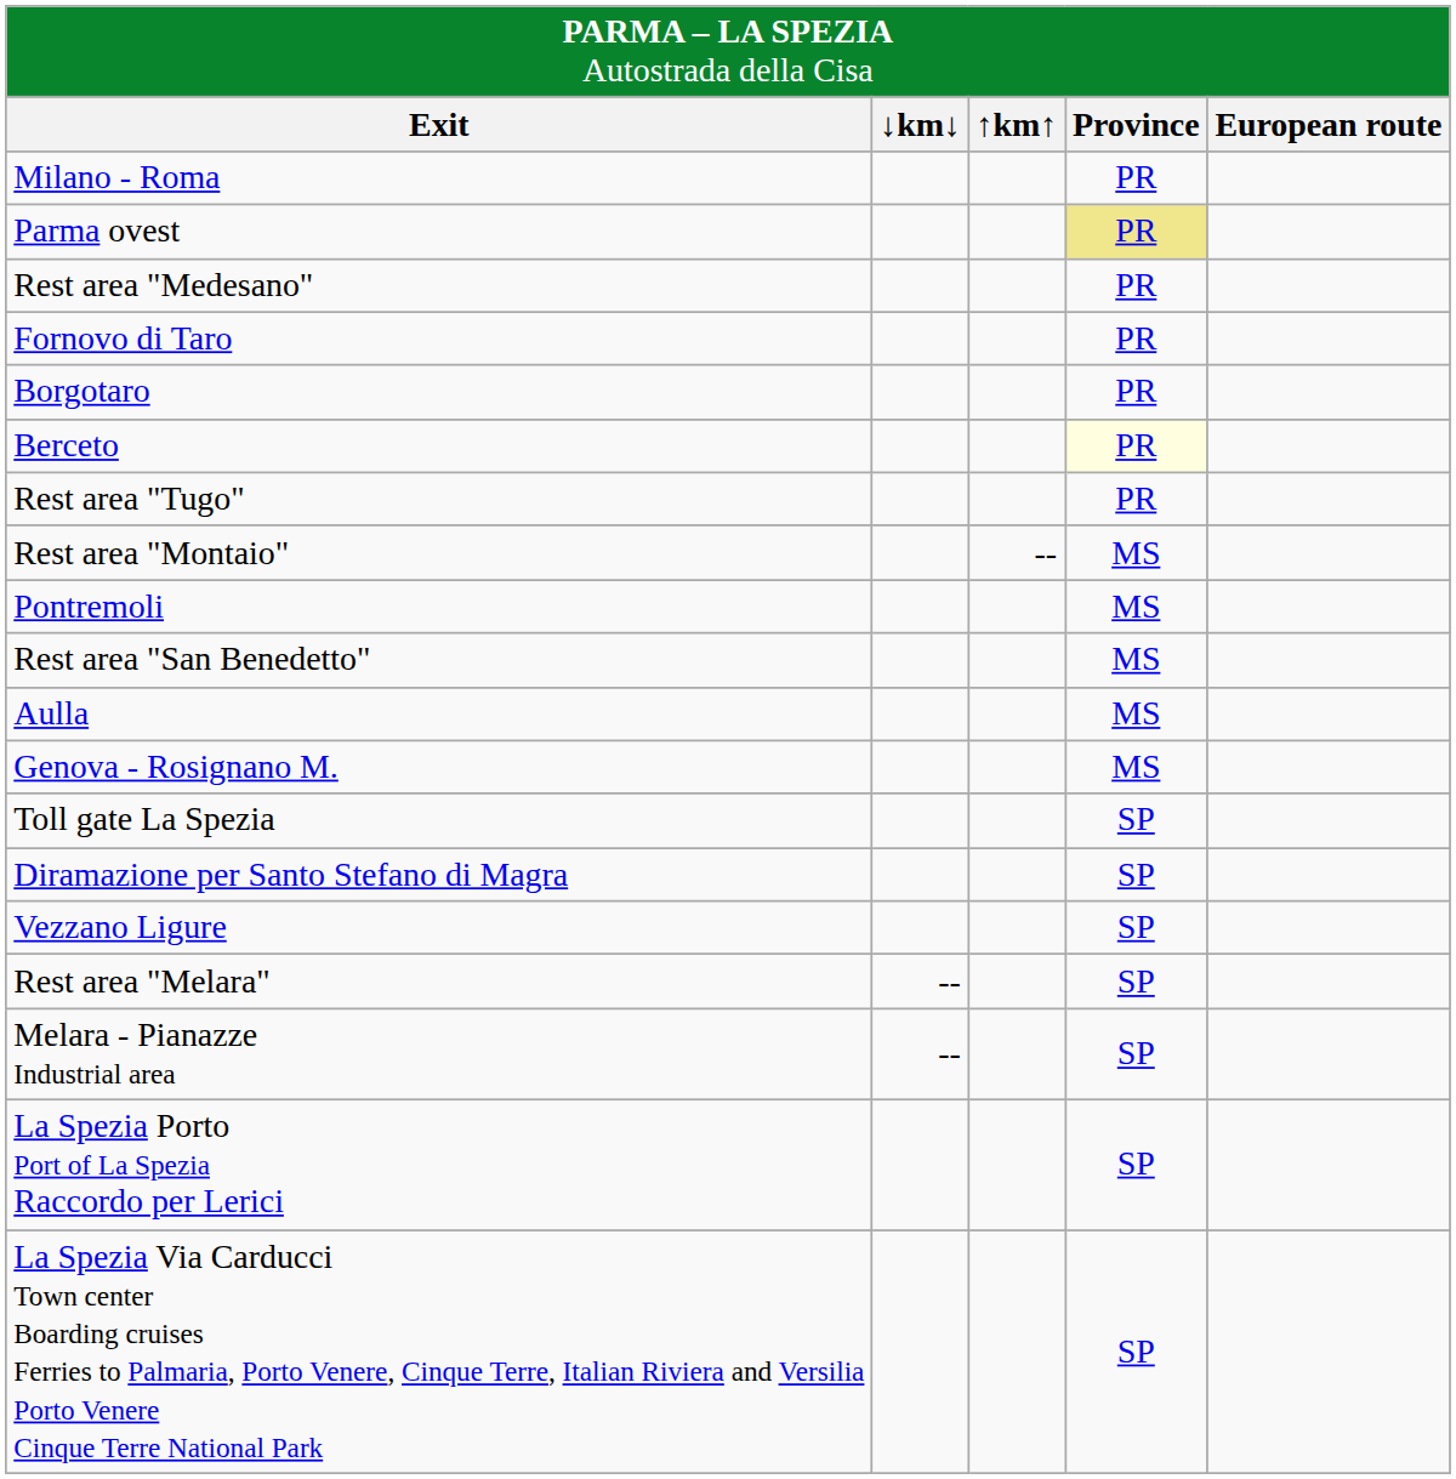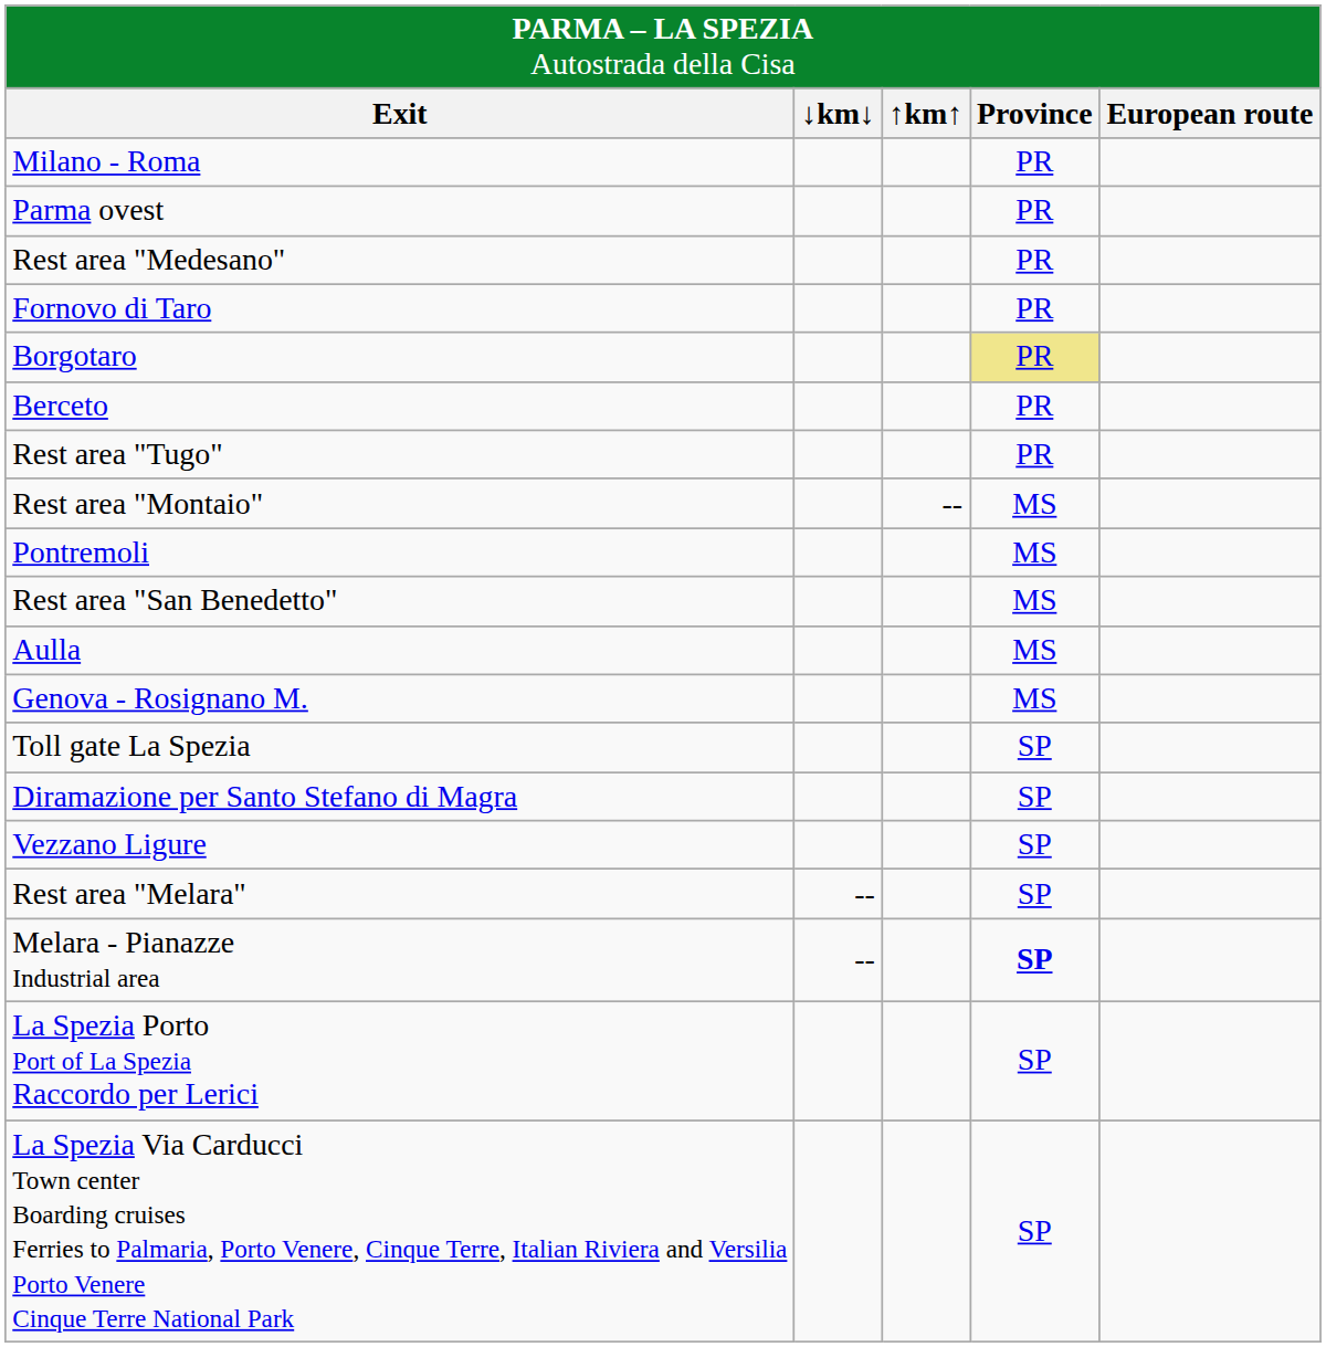 <table class="wikitable">
 <tr align="center" style="color: white;" bgcolor="#08842c">
 <td colspan="6"><strong> PARMA – LA SPEZIA</strong><br>Autostrada della Cisa</td>
 </tr>
 <tr>
 <th><strong>Exit</strong></th>
 <th align="center"><strong>↓km↓</strong></th>
 <th align="center"><strong>↑km↑</strong></th>
 <th align="center"><strong>Province</strong></th>
 <th align="center"><strong>European route</strong></th>
 </tr>
 <tr>
 <td>   <a href='#'>Milano - Roma</a></td>
 <td align="right"></td>
 <td align="right"></td>
 <td align="center"><a href='#'>PR</a></td>
 <td align="center"></td>
 </tr>
 <tr>
 <td> <a href='#'>Parma</a> ovest</td>
 <td align="right"></td>
 <td align="right"></td>
-<td align="center" style="background: khaki;"><a href='#'>PR</a></td>
+<td align="center"><a href='#'>PR</a></td>
 <td align="center"></td>
 </tr>
 <tr>
 <td> Rest area "Medesano"</td>
 <td align="right"></td>
 <td align="right"></td>
 <td align="center"><a href='#'>PR</a></td>
 <td align="center"></td>
 </tr>
 <tr>
 <td> <a href='#'>Fornovo di Taro</a></td>
 <td align="right"></td>
 <td align="right"></td>
 <td align="center"><a href='#'>PR</a></td>
 <td align="center"></td>
 </tr>
 <tr>
 <td> <a href='#'>Borgotaro</a></td>
 <td align="right"></td>
 <td align="right"></td>
-<td align="center"><a href='#'>PR</a></td>
+<td align="center" style="background: khaki;"><a href='#'>PR</a></td>
 <td align="center"></td>
 </tr>
 <tr>
 <td> <a href='#'>Berceto</a></td>
 <td align="right"></td>
 <td align="right"></td>
-<td align="center" style="background: lightyellow;"><a href='#'>PR</a></td>
+<td align="center"><a href='#'>PR</a></td>
 <td align="center"></td>
 </tr>
 <tr>
 <td> Rest area "Tugo"</td>
 <td align="right"></td>
 <td align="right"></td>
 <td align="center"><a href='#'>PR</a></td>
 <td align="center"></td>
 </tr>
 <tr>
 <td> Rest area "Montaio"</td>
 <td align="right"></td>
 <td align="right">--</td>
 <td align="center"><a href='#'>MS</a></td>
 <td align="center"></td>
 </tr>
 <tr>
 <td> <a href='#'>Pontremoli</a></td>
 <td align="right"></td>
 <td align="right"></td>
 <td align="center"><a href='#'>MS</a></td>
 <td align="center"></td>
 </tr>
 <tr>
 <td> Rest area "San Benedetto"</td>
 <td align="right"></td>
 <td align="right"></td>
 <td align="center"><a href='#'>MS</a></td>
 <td align="center"></td>
 </tr>
 <tr>
 <td> <a href='#'>Aulla</a></td>
 <td align="right"></td>
 <td align="right"></td>
 <td align="center"><a href='#'>MS</a></td>
 <td align="center"></td>
 </tr>
 <tr>
 <td>   <a href='#'>Genova - Rosignano M.</a><br></td>
 <td align="right"></td>
 <td align="right"></td>
 <td align="center"><a href='#'>MS</a></td>
 <td align="center"></td>
 </tr>
 <tr>
 <td> Toll gate La Spezia</td>
 <td align="right"></td>
 <td align="right"></td>
 <td align="center"><a href='#'>SP</a></td>
 <td align="center"></td>
 </tr>
 <tr>
 <td> <a href='#'>Diramazione per Santo Stefano di Magra</a></td>
 <td align="right"></td>
 <td align="right"></td>
 <td align="center"><a href='#'>SP</a></td>
 <td align="center"></td>
 </tr>
 <tr>
 <td> <a href='#'>Vezzano Ligure</a></td>
 <td align="right"></td>
 <td align="right"></td>
 <td align="center"><a href='#'>SP</a></td>
 <td align="center"></td>
 </tr>
 <tr>
 <td> Rest area "Melara"</td>
 <td align="right">--</td>
 <td align="right"></td>
 <td align="center"><a href='#'>SP</a></td>
 <td align="center"></td>
 </tr>
 <tr>
 <td> Melara - Pianazze<br><small> Industrial area</small></td>
 <td align="right">--</td>
 <td align="right"></td>
-<td align="center"><a href='#'>SP</a></td>
+<td align="center"><strong><a href='#'>SP</a></strong></td>
 <td align="center"></td>
 </tr>
 <tr>
 <td> <a href='#'>La Spezia</a> Porto <br><small>  <a href='#'>Port of La Spezia</a></small><br> <a href='#'>Raccordo per Lerici</a></td>
 <td align="right"></td>
 <td align="right"></td>
 <td align="center"><a href='#'>SP</a></td>
 <td align="center"></td>
 </tr>
 <tr>
 <td>  <a href='#'>La Spezia</a> Via Carducci<br><small> Town center</small><br><small> Boarding cruises</small><br><small> Ferries to <a href='#'>Palmaria</a>, <a href='#'>Porto Venere</a>, <a href='#'>Cinque Terre</a>, <a href='#'>Italian Riviera</a> and <a href='#'>Versilia</a></small><br><small> <a href='#'>Porto Venere</a></small><br><small>  <a href='#'>Cinque Terre National Park</a></small></td>
 <td align="right"></td>
 <td align="right"></td>
 <td align="center"><a href='#'>SP</a></td>
 <td align="center"></td>
 </tr>
 </table>
